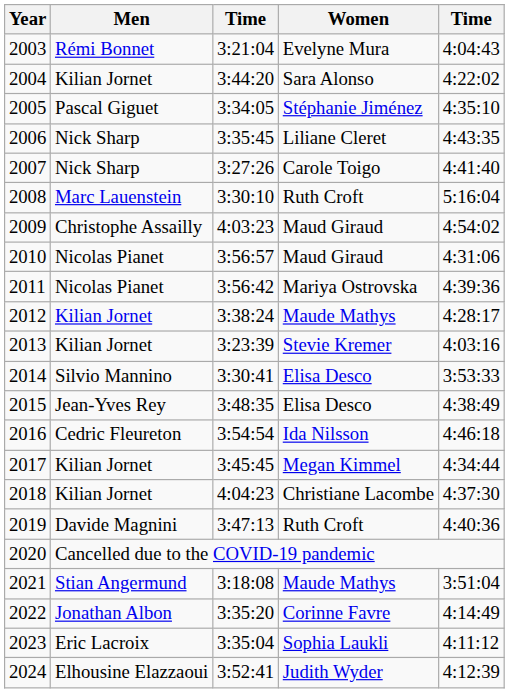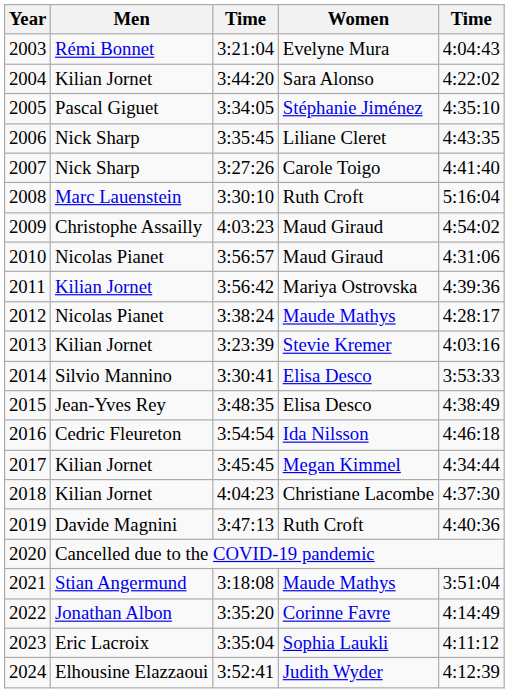 <table class="wikitable sortable">
 <tr>
 <th>Year</th>
 <th>Men</th>
 <th>Time</th>
 <th>Women</th>
 <th>Time</th>
 </tr>
 <tr>
 <td>2003</td>
 <td><a href='#'>Rémi Bonnet</a></td>
 <td>3:21:04</td>
 <td>Evelyne Mura</td>
 <td>4:04:43</td>
 </tr>
 <tr>
 <td>2004</td>
 <td>Kilian Jornet</td>
 <td>3:44:20</td>
 <td>Sara Alonso</td>
 <td>4:22:02</td>
 </tr>
 <tr>
 <td>2005</td>
 <td>Pascal Giguet</td>
 <td>3:34:05</td>
 <td><a href='#'>Stéphanie Jiménez</a></td>
 <td>4:35:10</td>
 </tr>
 <tr>
 <td>2006</td>
 <td>Nick Sharp</td>
 <td>3:35:45</td>
 <td>Liliane Cleret</td>
 <td>4:43:35</td>
 </tr>
 <tr>
 <td>2007</td>
 <td>Nick Sharp</td>
 <td>3:27:26</td>
 <td>Carole Toigo</td>
 <td>4:41:40</td>
 </tr>
 <tr>
 <td>2008</td>
 <td><a href='#'>Marc Lauenstein</a></td>
 <td>3:30:10</td>
 <td>Ruth Croft</td>
 <td>5:16:04</td>
 </tr>
 <tr>
 <td>2009</td>
 <td>Christophe Assailly</td>
 <td>4:03:23</td>
 <td>Maud Giraud</td>
 <td>4:54:02</td>
 </tr>
 <tr>
 <td>2010</td>
 <td>Nicolas Pianet</td>
 <td>3:56:57</td>
 <td>Maud Giraud</td>
 <td>4:31:06</td>
 </tr>
 <tr>
 <td>2011</td>
-<td>Nicolas Pianet</td>
+<td><a href='#'>Kilian Jornet</a></td>
 <td>3:56:42</td>
 <td>Mariya Ostrovska</td>
 <td>4:39:36</td>
 </tr>
 <tr>
 <td>2012</td>
-<td><a href='#'>Kilian Jornet</a></td>
+<td>Nicolas Pianet</td>
 <td>3:38:24</td>
 <td><a href='#'>Maude Mathys</a></td>
 <td>4:28:17</td>
 </tr>
 <tr>
 <td>2013</td>
 <td>Kilian Jornet</td>
 <td>3:23:39</td>
 <td><a href='#'>Stevie Kremer</a></td>
 <td>4:03:16</td>
 </tr>
 <tr>
 <td>2014</td>
 <td>Silvio Mannino</td>
 <td>3:30:41</td>
 <td><a href='#'>Elisa Desco</a></td>
 <td>3:53:33</td>
 </tr>
 <tr>
 <td>2015</td>
 <td>Jean-Yves Rey</td>
 <td>3:48:35</td>
 <td>Elisa Desco</td>
 <td>4:38:49</td>
 </tr>
 <tr>
 <td>2016</td>
 <td>Cedric Fleureton</td>
 <td>3:54:54</td>
 <td><a href='#'>Ida Nilsson</a></td>
 <td>4:46:18</td>
 </tr>
 <tr>
 <td>2017</td>
 <td>Kilian Jornet</td>
 <td>3:45:45</td>
 <td><a href='#'>Megan Kimmel</a></td>
 <td>4:34:44</td>
 </tr>
 <tr>
 <td>2018</td>
 <td>Kilian Jornet</td>
 <td>4:04:23</td>
 <td>Christiane Lacombe</td>
 <td>4:37:30</td>
 </tr>
 <tr>
 <td>2019</td>
 <td>Davide Magnini</td>
 <td>3:47:13</td>
 <td>Ruth Croft</td>
 <td>4:40:36</td>
 </tr>
 <tr>
 <td>2020</td>
 <td colspan="4">Cancelled due to the <a href='#'>COVID-19 pandemic</a></td>
 </tr>
 <tr>
 <td>2021</td>
 <td><a href='#'>Stian Angermund</a></td>
 <td>3:18:08</td>
 <td><a href='#'>Maude Mathys</a></td>
 <td>3:51:04</td>
 </tr>
 <tr>
 <td>2022</td>
 <td><a href='#'>Jonathan Albon</a></td>
 <td>3:35:20</td>
 <td><a href='#'>Corinne Favre</a></td>
 <td>4:14:49</td>
 </tr>
 <tr>
 <td>2023</td>
 <td>Eric Lacroix</td>
 <td>3:35:04</td>
 <td><a href='#'>Sophia Laukli</a></td>
 <td>4:11:12</td>
 </tr>
 <tr>
 <td>2024</td>
 <td>Elhousine Elazzaoui</td>
 <td>3:52:41</td>
 <td><a href='#'>Judith Wyder</a></td>
 <td>4:12:39</td>
 </tr>
 </table>
